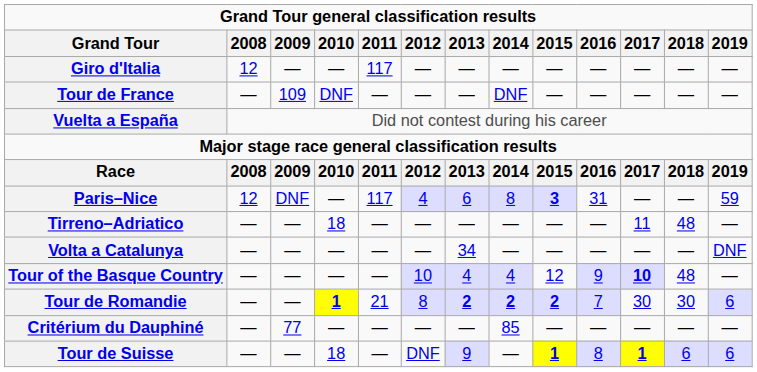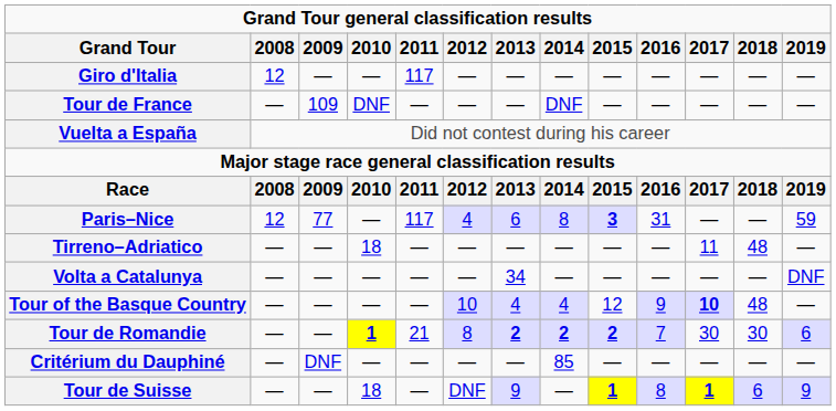 <table class="wikitable plainrowheaders">
 <tr>
 <td colspan="13" align="center"><strong>Grand Tour general classification results</strong></td>
 </tr>
 <tr>
 <th scope="col">Grand Tour</th>
 <th scope="col">2008</th>
 <th scope="col">2009</th>
 <th scope="col">2010</th>
 <th scope="col">2011</th>
 <th scope="col">2012</th>
 <th scope="col">2013</th>
 <th scope="col">2014</th>
 <th scope="col">2015</th>
 <th scope="col">2016</th>
 <th scope="col">2017</th>
 <th scope="col">2018</th>
 <th scope="col">2019</th>
 </tr>
 <tr style="text-align:center;">
 <th scope="row"> <a href='#'>Giro d'Italia</a></th>
 <td><a href='#'>12</a></td>
 <td>—</td>
 <td>—</td>
 <td><a href='#'>117</a></td>
 <td>—</td>
 <td>—</td>
 <td>—</td>
 <td>—</td>
 <td>—</td>
 <td>—</td>
 <td>—</td>
 <td>—</td>
 </tr>
 <tr style="text-align:center;">
 <th scope="row"> <a href='#'>Tour de France</a></th>
 <td>—</td>
 <td><a href='#'>109</a></td>
 <td><a href='#'>DNF</a></td>
 <td>—</td>
 <td>—</td>
 <td>—</td>
 <td><a href='#'>DNF</a></td>
 <td>—</td>
 <td>—</td>
 <td>—</td>
 <td>—</td>
 <td>—</td>
 </tr>
 <tr style="text-align:center;">
 <th scope="row"> <a href='#'>Vuelta a España</a></th>
 <td style="color:#4d4d4d;" colspan=12>Did not contest during his career</td>
 </tr>
 <tr>
 <td colspan="19" align="center"><strong>Major stage race general classification results</strong></td>
 </tr>
 <tr>
 <th scope="col">Race</th>
 <th scope="col">2008</th>
 <th scope="col">2009</th>
 <th scope="col">2010</th>
 <th scope="col">2011</th>
 <th scope="col">2012</th>
 <th scope="col">2013</th>
 <th scope="col">2014</th>
 <th scope="col">2015</th>
 <th scope="col">2016</th>
 <th scope="col">2017</th>
 <th scope="col">2018</th>
 <th scope="col">2019</th>
 </tr>
 <tr style="text-align:center;">
 <th scope="row"> <a href='#'>Paris–Nice</a></th>
 <td><a href='#'>12</a></td>
-<td><a href='#'>DNF</a></td>
+<td><a href='#'>77</a></td>
 <td>—</td>
 <td><a href='#'>117</a></td>
 <td style="background:#ddf;"><a href='#'>4</a></td>
 <td style="background:#ddf;"><a href='#'>6</a></td>
 <td style="background:#ddf;"><a href='#'>8</a></td>
 <td style="background:#ddf;"><a href='#'><strong>3</strong></a></td>
 <td><a href='#'>31</a></td>
 <td>—</td>
 <td>—</td>
 <td><a href='#'>59</a></td>
 </tr>
 <tr style="text-align:center;">
 <th scope="row"> <a href='#'>Tirreno–Adriatico</a></th>
 <td>—</td>
 <td>—</td>
 <td><a href='#'>18</a></td>
 <td>—</td>
 <td>—</td>
 <td>—</td>
 <td>—</td>
 <td>—</td>
 <td>—</td>
 <td><a href='#'>11</a></td>
 <td><a href='#'>48</a></td>
 <td>—</td>
 </tr>
 <tr style="text-align:center;">
 <th scope="row"> <a href='#'>Volta a Catalunya</a></th>
 <td>—</td>
 <td>—</td>
 <td>—</td>
 <td>—</td>
 <td>—</td>
 <td><a href='#'>34</a></td>
 <td>—</td>
 <td>—</td>
 <td>—</td>
 <td>—</td>
 <td>—</td>
 <td><a href='#'>DNF</a></td>
 </tr>
 <tr style="text-align:center;">
 <th scope="row"> <a href='#'>Tour of the Basque Country</a></th>
 <td>—</td>
 <td>—</td>
 <td>—</td>
 <td>—</td>
 <td style="background:#ddf;"><a href='#'>10</a></td>
 <td style="background:#ddf;"><a href='#'>4</a></td>
 <td style="background:#ddf;"><a href='#'>4</a></td>
 <td><a href='#'>12</a></td>
 <td style="background:#ddf;"><a href='#'>9</a></td>
 <td style="background:#ddf;"><strong><a href='#'>10</a></strong></td>
 <td><a href='#'>48</a></td>
 <td>—</td>
 </tr>
 <tr style="text-align:center;">
 <th scope="row"> <a href='#'>Tour de Romandie</a></th>
 <td>—</td>
 <td>—</td>
 <td style="background:yellow;"><a href='#'><strong>1</strong></a></td>
 <td><a href='#'>21</a></td>
 <td style="background:#ddf;"><a href='#'>8</a></td>
 <td style="background:#ddf;"><a href='#'><strong>2</strong></a></td>
 <td style="background:#ddf;"><a href='#'><strong>2</strong></a></td>
 <td style="background:#ddf;"><a href='#'><strong>2</strong></a></td>
 <td style="background:#ddf;"><a href='#'>7</a></td>
 <td><a href='#'>30</a></td>
 <td><a href='#'>30</a></td>
 <td style="background:#ddf;"><a href='#'>6</a></td>
 </tr>
 <tr style="text-align:center;">
 <th scope="row"> <a href='#'>Critérium du Dauphiné</a></th>
 <td>—</td>
-<td><a href='#'>77</a></td>
+<td><a href='#'>DNF</a></td>
 <td>—</td>
 <td>—</td>
 <td>—</td>
 <td>—</td>
 <td><a href='#'>85</a></td>
 <td>—</td>
 <td>—</td>
 <td>—</td>
 <td>—</td>
 <td>—</td>
 </tr>
 <tr align="center">
 <th scope="row"> <a href='#'>Tour de Suisse</a></th>
 <td>—</td>
 <td>—</td>
 <td><a href='#'>18</a></td>
 <td>—</td>
 <td><a href='#'>DNF</a></td>
 <td style="background:#ddf;"><a href='#'>9</a></td>
 <td>—</td>
 <td style="background:yellow;"><a href='#'><strong>1</strong></a></td>
 <td style="background:#ddf;"><a href='#'>8</a></td>
 <td style="background:yellow;"><a href='#'><strong>1</strong></a></td>
 <td style="background:#ddf;"><a href='#'>6</a></td>
-<td style="background:#ddf;"><a href='#'>6</a></td>
+<td style="background:#ddf;"><a href='#'>9</a></td>
 </tr>
 </table>
